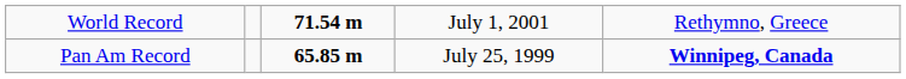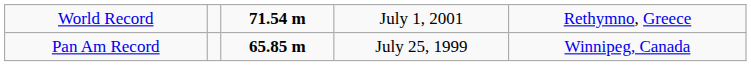 <table class="wikitable" style=" text-align:center; font-size:95%;" width="75%">
 <tr>
 <td><a href='#'>World Record</a></td>
 <td></td>
 <td><strong>71.54 m </strong></td>
 <td>July 1, 2001</td>
 <td> <a href='#'>Rethymno</a>, <a href='#'>Greece</a></td>
 </tr>
 <tr>
 <td><a href='#'>Pan Am Record</a></td>
 <td></td>
 <td><strong>65.85 m </strong></td>
 <td>July 25, 1999</td>
-<td><strong> <a href='#'>Winnipeg, Canada</a></strong></td>
+<td> <a href='#'>Winnipeg, Canada</a></td>
 </tr>
 </table>
